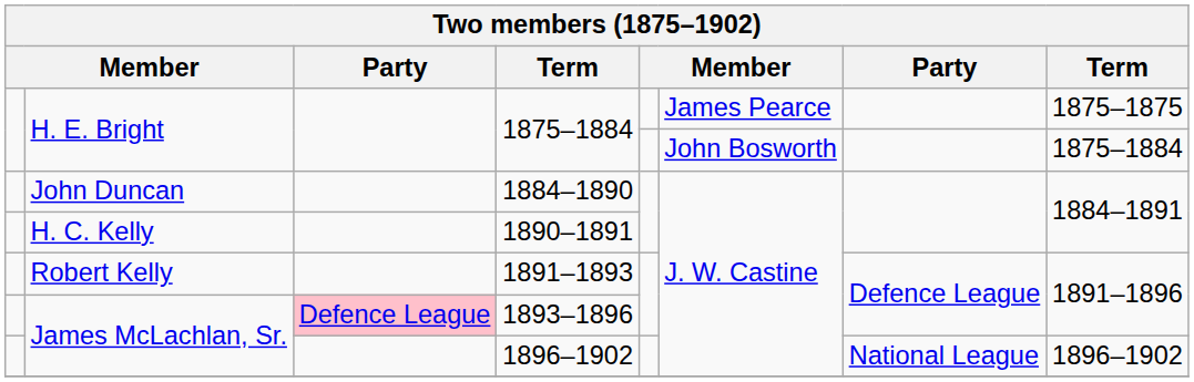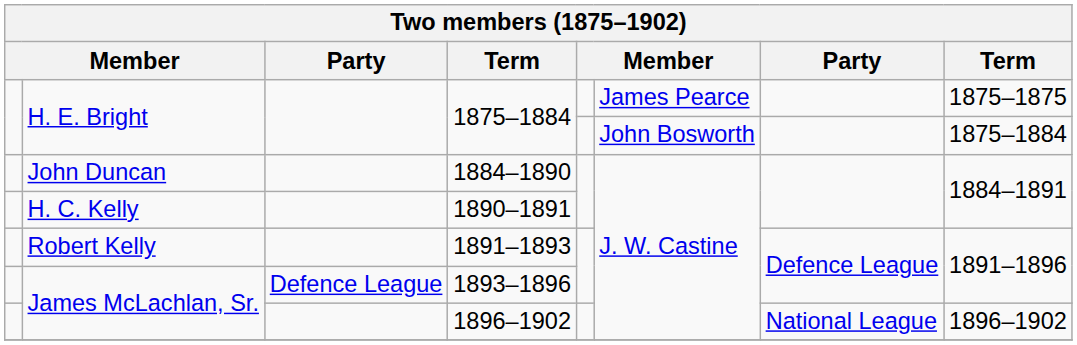 <table class="wikitable">
 <tr>
 <th colspan=8>Two members (1875–1902)</th>
 </tr>
 <tr>
 <th colspan=2>Member</th>
 <th>Party</th>
 <th>Term</th>
 <th colspan=2>Member</th>
 <th>Party</th>
 <th>Term</th>
 </tr>
 <tr>
 <td rowspan=2 > </td>
 <td rowspan=2><a href='#'>H. E. Bright</a></td>
 <td rowspan=2></td>
 <td rowspan=2>1875–1884</td>
 <td> </td>
 <td><a href='#'>James Pearce</a></td>
 <td></td>
 <td>1875–1875</td>
 </tr>
 <tr>
 <td> </td>
 <td><a href='#'>John Bosworth</a></td>
 <td></td>
 <td>1875–1884</td>
 </tr>
 <tr>
 <td> </td>
 <td><a href='#'>John Duncan</a></td>
 <td></td>
 <td>1884–1890</td>
 <td rowspan=2 > </td>
 <td rowspan=5><a href='#'>J. W. Castine</a></td>
 <td rowspan=2></td>
 <td rowspan=2>1884–1891</td>
 </tr>
 <tr>
 <td> </td>
 <td><a href='#'>H. C. Kelly</a></td>
 <td></td>
 <td>1890–1891</td>
 </tr>
 <tr>
 <td> </td>
 <td><a href='#'>Robert Kelly</a></td>
 <td></td>
 <td>1891–1893</td>
 <td rowspan=2 > </td>
 <td rowspan=2><a href='#'>Defence League</a></td>
 <td rowspan=2>1891–1896</td>
 </tr>
 <tr>
 <td> </td>
 <td rowspan=2><a href='#'>James McLachlan, Sr.</a></td>
-<td style="background: pink;"><a href='#'>Defence League</a></td>
+<td><a href='#'>Defence League</a></td>
 <td>1893–1896</td>
 </tr>
 <tr>
 <td> </td>
 <td></td>
 <td>1896–1902</td>
 <td> </td>
 <td><a href='#'>National League</a></td>
 <td>1896–1902</td>
 </tr>
 <tr>
 </tr>
 </table>
